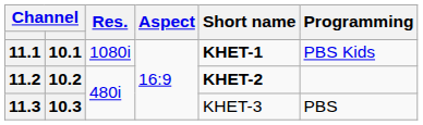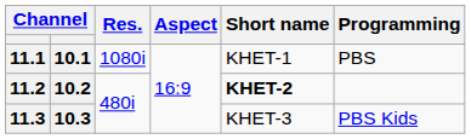 <table class="wikitable">
 <tr>
 <th scope = "col" colspan="2"><a href='#'>Channel</a></th>
 <th scope = "col" rowspan="2"><a href='#'>Res.</a></th>
 <th scope = "col" rowspan="2"><a href='#'>Aspect</a></th>
 <th scope = "col" rowspan="2">Short name</th>
 <th scope = "col" rowspan="2">Programming</th>
 </tr>
 <tr>
 <th scope = "col"></th>
 <th></th>
 </tr>
 <tr>
 <th scope = "row">11.1</th>
 <th>10.1</th>
 <td><a href='#'>1080i</a></td>
 <td rowspan=3><a href='#'>16:9</a></td>
-<td><strong>KHET-1</strong></td>
-<td><a href='#'>PBS Kids</a></td>
+<td>KHET-1</td>
+<td>PBS</td>
 </tr>
 <tr>
 <th scope = "row">11.2</th>
 <th>10.2</th>
 <td rowspan=2><a href='#'>480i</a></td>
 <td><strong>KHET-2</strong></td>
 <td></td>
 </tr>
 <tr>
 <th scope = "row">11.3</th>
 <th>10.3</th>
 <td>KHET-3</td>
-<td>PBS</td>
+<td><a href='#'>PBS Kids</a></td>
 </tr>
 </table>
